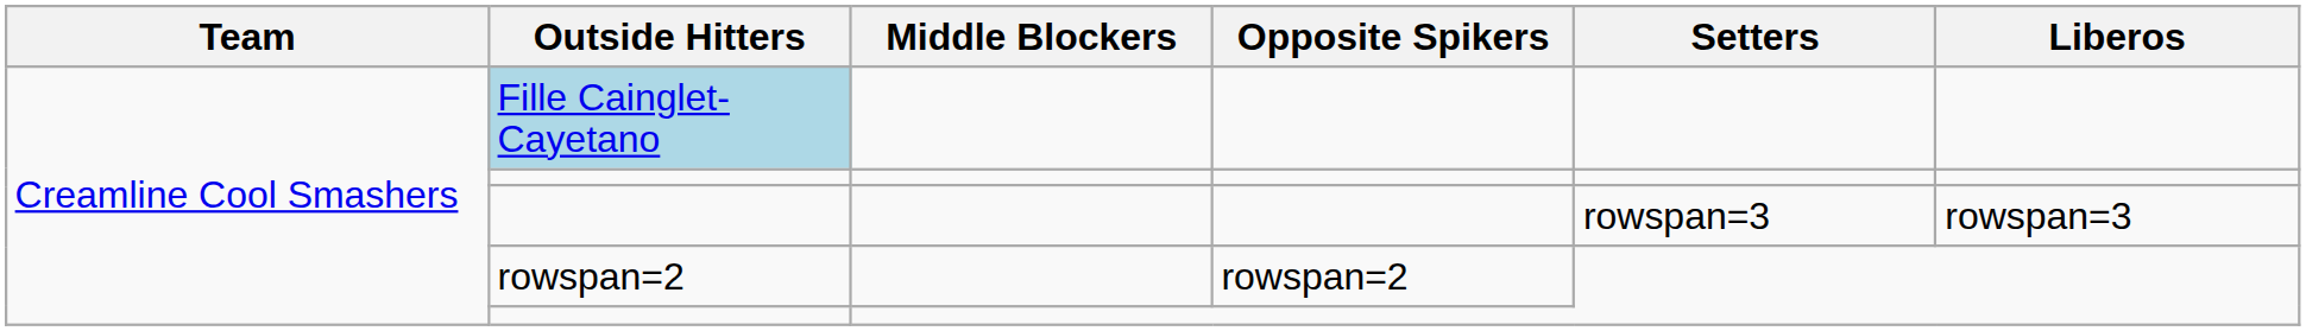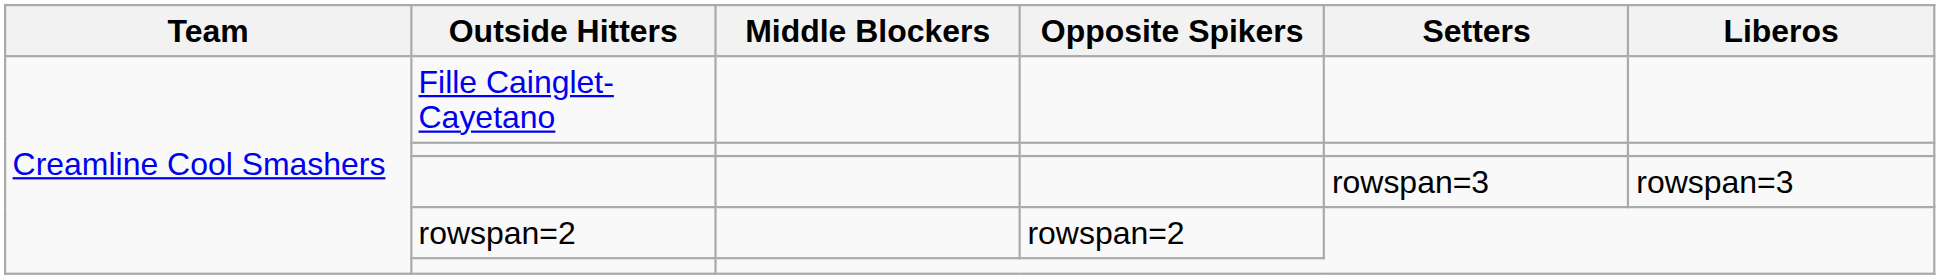 <table class="wikitable sortable" style="font-size:90%;">
 <tr>
 <th width=20%>Team</th>
 <th width=15%>Outside Hitters</th>
 <th width=15%>Middle Blockers</th>
 <th width=15%>Opposite Spikers</th>
 <th width=15%>Setters</th>
 <th width=15%>Liberos</th>
 </tr>
 <tr>
 <td rowspan=5><a href='#'>Creamline Cool Smashers</a></td>
-<td style="background: lightblue;"><a href='#'>Fille Cainglet-Cayetano</a></td>
+<td><a href='#'>Fille Cainglet-Cayetano</a></td>
 <td></td>
 <td></td>
 <td></td>
 <td></td>
 </tr>
 <tr>
 <td></td>
 <td></td>
 <td></td>
 <td></td>
 <td></td>
 </tr>
 <tr>
 <td></td>
 <td></td>
 <td></td>
 <td>rowspan=3 </td>
 <td>rowspan=3 </td>
 </tr>
 <tr>
 <td>rowspan=2 </td>
 <td></td>
 <td>rowspan=2 </td>
 </tr>
 <tr>
 <td></td>
 </tr>
 </table>
